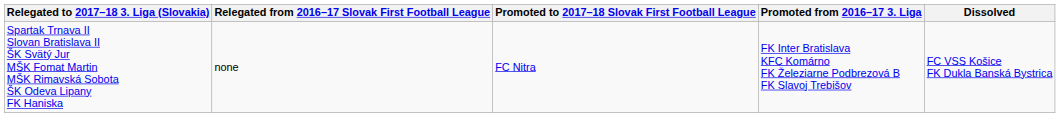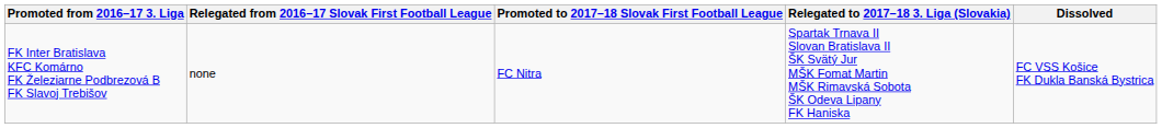 <table class="wikitable">
 <tr>
-<th>Relegated to <a href='#'>2017–18 3. Liga (Slovakia)</a></th>
+<th>Promoted from <a href='#'>2016–17 3. Liga</a></th>
 <th>Relegated from <a href='#'>2016–17 Slovak First Football League</a></th>
 <th>Promoted to <a href='#'>2017–18 Slovak First Football League</a></th>
-<th>Promoted from <a href='#'>2016–17 3. Liga</a></th>
+<th>Relegated to <a href='#'>2017–18 3. Liga (Slovakia)</a></th>
 <th>Dissolved</th>
 </tr>
 <tr>
-<td><a href='#'>Spartak Trnava II</a><br><a href='#'>Slovan Bratislava II</a><br><a href='#'>ŠK Svätý Jur</a><br><a href='#'>MŠK Fomat Martin</a><br><a href='#'>MŠK Rimavská Sobota</a><br><a href='#'>ŠK Odeva Lipany</a><br><a href='#'>FK Haniska</a></td>
+<td><a href='#'>FK Inter Bratislava</a><br><a href='#'>KFC Komárno</a><br><a href='#'>FK Železiarne Podbrezová B</a><br><a href='#'>FK Slavoj Trebišov</a></td>
 <td>none</td>
 <td><a href='#'>FC Nitra</a></td>
-<td><a href='#'>FK Inter Bratislava</a><br><a href='#'>KFC Komárno</a><br><a href='#'>FK Železiarne Podbrezová B</a><br><a href='#'>FK Slavoj Trebišov</a></td>
+<td><a href='#'>Spartak Trnava II</a><br><a href='#'>Slovan Bratislava II</a><br><a href='#'>ŠK Svätý Jur</a><br><a href='#'>MŠK Fomat Martin</a><br><a href='#'>MŠK Rimavská Sobota</a><br><a href='#'>ŠK Odeva Lipany</a><br><a href='#'>FK Haniska</a></td>
 <td><a href='#'>FC VSS Košice</a><br><a href='#'>FK Dukla Banská Bystrica</a></td>
 </tr>
 </table>
